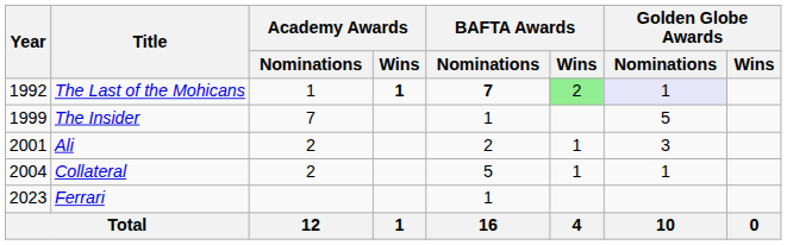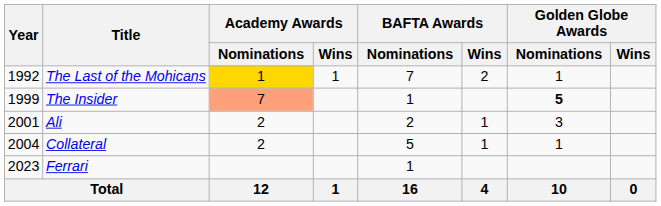 <table class="wikitable">
 <tr>
 <th rowspan="2">Year</th>
 <th rowspan="2">Title</th>
 <th colspan="2" style="text-align:center;" width=160>Academy Awards</th>
 <th colspan="2" style="text-align:center;" width=160>BAFTA Awards</th>
 <th colspan="2" style="text-align:center;" width=160>Golden Globe Awards</th>
 </tr>
 <tr>
 <th>Nominations</th>
 <th>Wins</th>
 <th>Nominations</th>
 <th>Wins</th>
 <th>Nominations</th>
 <th>Wins</th>
 </tr>
 <tr>
 <td>1992</td>
 <td><em><a href='#'>The Last of the Mohicans</a></em></td>
+<td align=center style="background: gold;">1</td>
 <td align=center>1</td>
-<td align=center><strong>1</strong></td>
-<td align=center><strong>7</strong></td>
-<td align=center style="background: lightgreen;">2</td>
-<td align=center style="background: lavender;">1</td>
+<td align=center>7</td>
+<td align=center>2</td>
+<td align=center>1</td>
 <td></td>
 </tr>
 <tr>
 <td>1999</td>
 <td><em><a href='#'>The Insider</a></em></td>
-<td align=center>7</td>
+<td align=center style="background: lightsalmon;">7</td>
 <td></td>
 <td align=center>1</td>
 <td></td>
-<td align=center>5</td>
+<td align=center><strong>5</strong></td>
 <td></td>
 </tr>
 <tr>
 <td>2001</td>
 <td><em><a href='#'>Ali</a></em></td>
 <td align=center>2</td>
 <td></td>
 <td align=center>2</td>
 <td align=center>1</td>
 <td align=center>3</td>
 <td></td>
 </tr>
 <tr>
 <td>2004</td>
 <td><em><a href='#'>Collateral</a></em></td>
 <td align=center>2</td>
 <td></td>
 <td align=center>5</td>
 <td align=center>1</td>
 <td align=center>1</td>
 <td></td>
 </tr>
 <tr>
 <td>2023</td>
 <td><em><a href='#'>Ferrari</a></em></td>
 <td></td>
 <td></td>
 <td align=center>1</td>
 <td></td>
 <td></td>
 <td></td>
 </tr>
 <tr>
 <th colspan="2">Total</th>
 <th align=center>12</th>
 <th align=center>1</th>
 <th align=center>16</th>
 <th align=center>4</th>
 <th align=center>10</th>
 <th align=center>0</th>
 </tr>
 </table>
